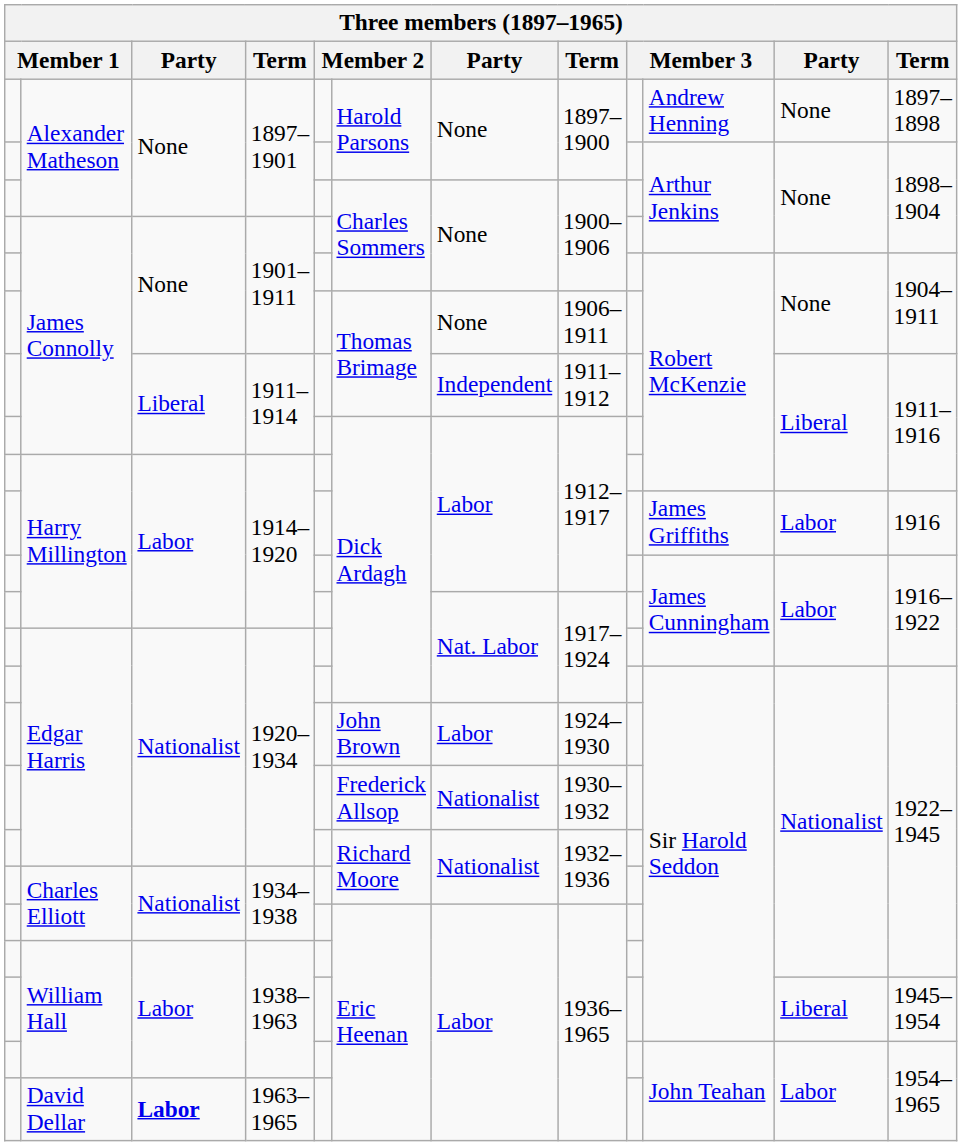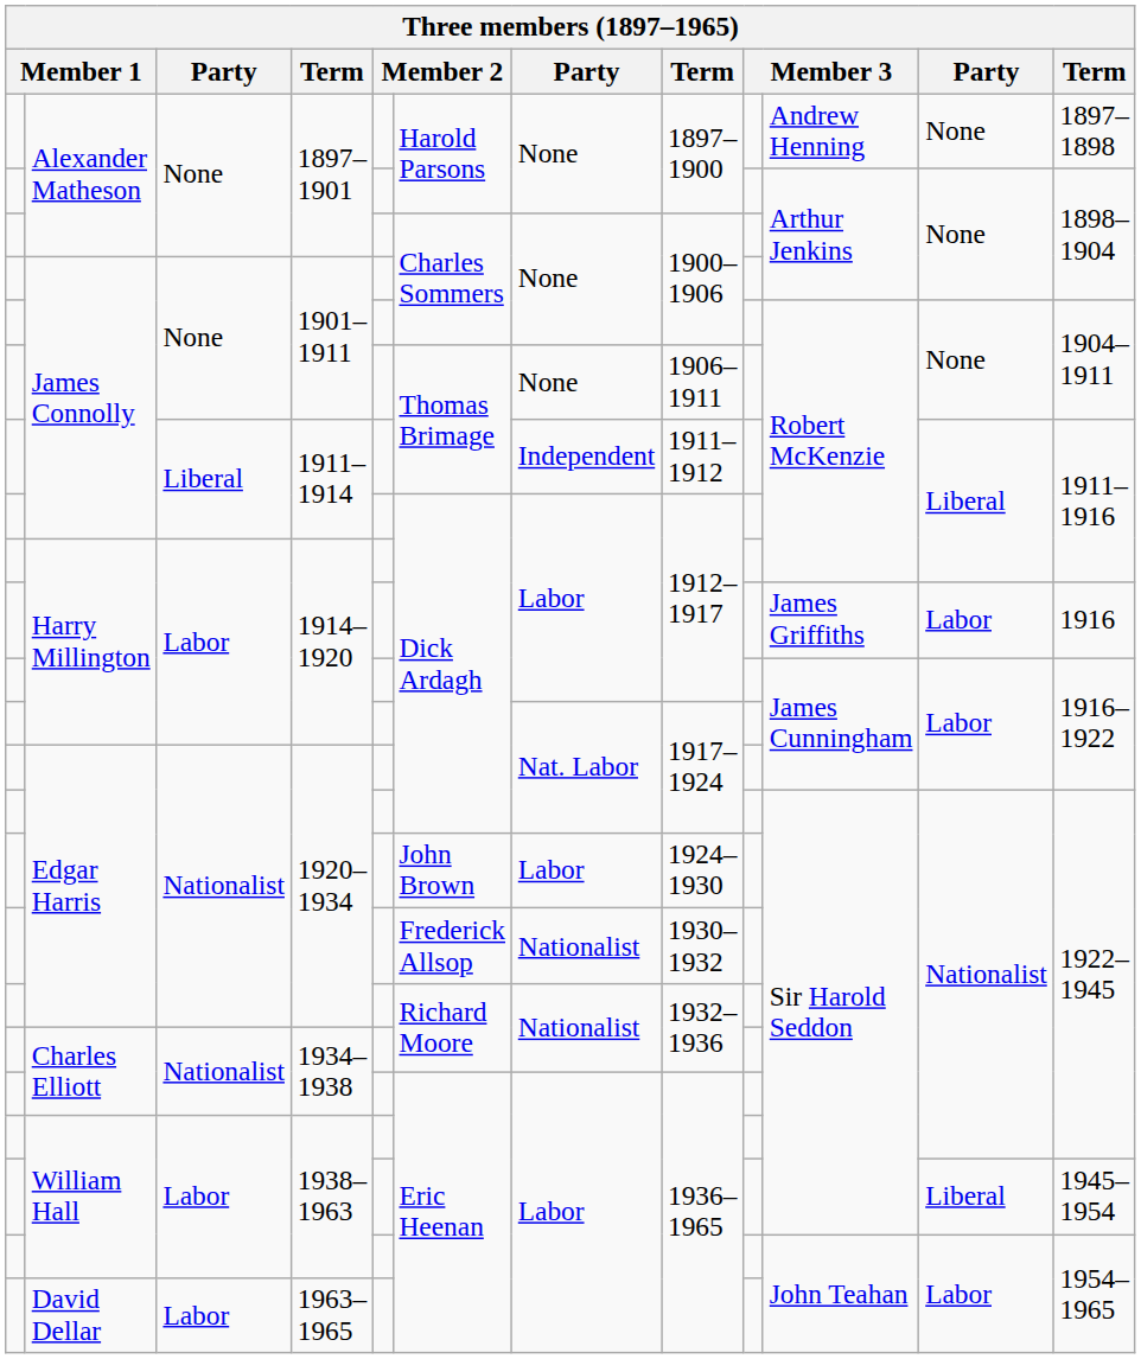 <table class="wikitable" width="100%">
 <tr>
 <th colspan="12">Three members (1897–1965)</th>
 </tr>
 <tr>
 <th colspan="2" width="15%">Member 1</th>
 <th width="9%">Party</th>
 <th width="9%">Term</th>
 <th colspan="2" width="15%">Member 2</th>
 <th width="9%">Party</th>
 <th width="9%">Term</th>
 <th colspan="2" width="15%">Member 3</th>
 <th width="9%">Party</th>
 <th width="9%">Term</th>
 </tr>
 <tr>
 <td> </td>
 <td rowspan="3"><a href='#'>Alexander Matheson</a></td>
 <td rowspan="3">None</td>
 <td rowspan="3">1897–1901</td>
 <td> </td>
 <td rowspan="2"><a href='#'>Harold Parsons</a></td>
 <td rowspan="2">None</td>
 <td rowspan="2">1897–1900</td>
 <td> </td>
 <td><a href='#'>Andrew Henning</a></td>
 <td>None</td>
 <td>1897–1898</td>
 </tr>
 <tr>
 <td> </td>
 <td> </td>
 <td> </td>
 <td rowspan="3"><a href='#'>Arthur Jenkins</a></td>
 <td rowspan="3">None</td>
 <td rowspan="3">1898–1904</td>
 </tr>
 <tr>
 <td> </td>
 <td> </td>
 <td rowspan="3"><a href='#'>Charles Sommers</a></td>
 <td rowspan="3">None</td>
 <td rowspan="3">1900–1906</td>
 <td> </td>
 </tr>
 <tr>
 <td> </td>
 <td rowspan="5"><a href='#'>James Connolly</a></td>
 <td rowspan="3">None</td>
 <td rowspan="3">1901–1911</td>
 <td> </td>
 <td> </td>
 </tr>
 <tr>
 <td> </td>
 <td> </td>
 <td> </td>
 <td rowspan="5"><a href='#'>Robert McKenzie</a></td>
 <td rowspan="2">None</td>
 <td rowspan="2">1904–1911</td>
 </tr>
 <tr>
 <td> </td>
 <td> </td>
 <td rowspan="2"><a href='#'>Thomas Brimage</a></td>
 <td>None</td>
 <td>1906–1911</td>
 <td> </td>
 </tr>
 <tr>
 <td> </td>
 <td rowspan="2"><a href='#'>Liberal</a></td>
 <td rowspan="2">1911–1914</td>
 <td> </td>
 <td><a href='#'>Independent</a></td>
 <td>1911–1912</td>
 <td> </td>
 <td rowspan="3"><a href='#'>Liberal</a></td>
 <td rowspan="3">1911–1916</td>
 </tr>
 <tr>
 <td> </td>
 <td> </td>
 <td rowspan="7"><a href='#'>Dick Ardagh</a></td>
 <td rowspan="4"><a href='#'>Labor</a></td>
 <td rowspan="4">1912–1917</td>
 <td> </td>
 </tr>
 <tr>
 <td> </td>
 <td rowspan="4"><a href='#'>Harry Millington</a></td>
 <td rowspan="4"><a href='#'>Labor</a></td>
 <td rowspan="4">1914–1920</td>
 <td> </td>
 <td> </td>
 </tr>
 <tr>
 <td> </td>
 <td> </td>
 <td> </td>
 <td><a href='#'>James Griffiths</a></td>
 <td><a href='#'>Labor</a></td>
 <td>1916</td>
 </tr>
 <tr>
 <td> </td>
 <td> </td>
 <td> </td>
 <td rowspan="3"><a href='#'>James Cunningham</a></td>
 <td rowspan="3"><a href='#'>Labor</a></td>
 <td rowspan="3">1916–1922</td>
 </tr>
 <tr>
 <td> </td>
 <td> </td>
 <td rowspan="3"><a href='#'>Nat. Labor</a></td>
 <td rowspan="3">1917–1924</td>
 <td> </td>
 </tr>
 <tr>
 <td> </td>
 <td rowspan="5"><a href='#'>Edgar Harris</a></td>
 <td rowspan="5"><a href='#'>Nationalist</a></td>
 <td rowspan="5">1920–1934</td>
 <td> </td>
 <td> </td>
 </tr>
 <tr>
 <td> </td>
 <td> </td>
 <td> </td>
 <td rowspan="8">Sir <a href='#'>Harold Seddon</a></td>
 <td rowspan="7"><a href='#'>Nationalist</a></td>
 <td rowspan="7">1922–1945</td>
 </tr>
 <tr>
 <td> </td>
 <td> </td>
 <td><a href='#'>John Brown</a></td>
 <td><a href='#'>Labor</a></td>
 <td>1924–1930</td>
 <td> </td>
 </tr>
 <tr>
 <td> </td>
 <td> </td>
 <td><a href='#'>Frederick Allsop</a></td>
 <td><a href='#'>Nationalist</a></td>
 <td>1930–1932</td>
 <td> </td>
 </tr>
 <tr>
 <td> </td>
 <td> </td>
 <td rowspan="2"><a href='#'>Richard Moore</a></td>
 <td rowspan="2"><a href='#'>Nationalist</a></td>
 <td rowspan="2">1932–1936</td>
 <td> </td>
 </tr>
 <tr>
 <td> </td>
 <td rowspan="2"><a href='#'>Charles Elliott</a></td>
 <td rowspan="2"><a href='#'>Nationalist</a></td>
 <td rowspan="2">1934–1938</td>
 <td> </td>
 <td> </td>
 </tr>
 <tr>
 <td> </td>
 <td> </td>
 <td rowspan="5"><a href='#'>Eric Heenan</a></td>
 <td rowspan="5"><a href='#'>Labor</a></td>
 <td rowspan="5">1936–1965</td>
 <td> </td>
 </tr>
 <tr>
 <td> </td>
 <td rowspan="3"><a href='#'>William Hall</a></td>
 <td rowspan="3"><a href='#'>Labor</a></td>
 <td rowspan="3">1938–1963</td>
 <td> </td>
 <td> </td>
 </tr>
 <tr>
 <td> </td>
 <td> </td>
 <td> </td>
 <td><a href='#'>Liberal</a></td>
 <td>1945–1954</td>
 </tr>
 <tr>
 <td> </td>
 <td> </td>
 <td> </td>
 <td rowspan="2"><a href='#'>John Teahan</a></td>
 <td rowspan="2"><a href='#'>Labor</a></td>
 <td rowspan="2">1954–1965</td>
 </tr>
 <tr>
 <td> </td>
 <td><a href='#'>David Dellar</a></td>
-<td><strong><a href='#'>Labor</a></strong></td>
+<td><a href='#'>Labor</a></td>
 <td>1963–1965</td>
 <td> </td>
 <td> </td>
 </tr>
 </table>
